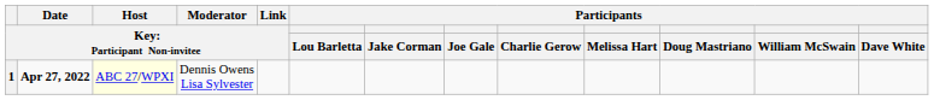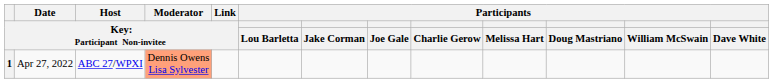 <table class="wikitable" style="text-align:center;">
 <tr>
 <th scope="col"></th>
 <th scope="col">Date</th>
 <th scope="col">Host</th>
 <th scope="col">Moderator</th>
 <th scope="col">Link</th>
 <th colspan="8" scope="col">Participants</th>
 </tr>
 <tr>
 <th colspan="5" rowspan="2">Key:<br> <small>Participant </small>  <small>Non-invitee </small></th>
 <th scope="col" style="background:"></th>
 <th scope="col" style="background:"></th>
 <th scope="col" style="background:"></th>
 <th scope="col" style="background:"></th>
 <th scope="col" style="background:"></th>
 <th scope="col" style="background:"></th>
 <th scope="col" style="background:"></th>
 <th scope="col" style="background:"></th>
 </tr>
 <tr>
 <th scope="col">Lou Barletta</th>
 <th scope="col">Jake Corman</th>
 <th scope="col">Joe Gale</th>
 <th scope="col">Charlie Gerow</th>
 <th scope="col">Melissa Hart</th>
 <th scope="col">Doug Mastriano</th>
 <th scope="col">William McSwain</th>
 <th scope="col">Dave White</th>
 </tr>
 <tr>
 <th scope="row">1</th>
-<td style="white-space:nowrap;"><strong>Apr 27, 2022</strong></td>
-<td style="background: lightyellow; white-space:nowrap;"><a href='#'>ABC 27</a>/<a href='#'>WPXI</a></td>
-<td style="white-space:nowrap;">Dennis Owens<br><a href='#'>Lisa Sylvester</a></td>
+<td style="white-space:nowrap;">Apr 27, 2022</td>
+<td style="white-space:nowrap;"><a href='#'>ABC 27</a>/<a href='#'>WPXI</a></td>
+<td style="background: lightsalmon; white-space:nowrap;">Dennis Owens<br><a href='#'>Lisa Sylvester</a></td>
 <td style="white-space:nowrap;"></td>
 <td></td>
 <td></td>
 <td></td>
 <td></td>
 <td></td>
 <td></td>
 <td></td>
 <td></td>
 </tr>
 </table>
